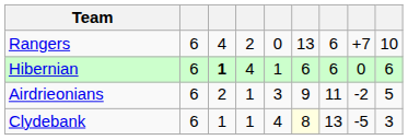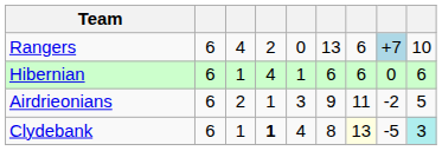 <table class="wikitable" style="text-align:center;">
 <tr>
 <th width=165>Team</th>
 <th width=20></th>
 <th width=20></th>
 <th width=20></th>
 <th width=20></th>
 <th width=20></th>
 <th width=20></th>
 <th width=20></th>
 <th width=20></th>
 </tr>
 <tr>
 <td align="left"><a href='#'>Rangers</a></td>
 <td>6</td>
 <td>4</td>
 <td>2</td>
 <td>0</td>
 <td>13</td>
 <td>6</td>
-<td>+7</td>
+<td style="background: lightblue;">+7</td>
 <td>10</td>
 </tr>
 <tr style="background:#cfc;">
 <td align="left"><a href='#'>Hibernian</a></td>
 <td>6</td>
-<td><strong>1</strong></td>
+<td>1</td>
 <td>4</td>
 <td>1</td>
 <td>6</td>
 <td>6</td>
 <td>0</td>
 <td>6</td>
 </tr>
 <tr>
 <td align="left"><a href='#'>Airdrieonians</a></td>
 <td>6</td>
 <td>2</td>
 <td>1</td>
 <td>3</td>
 <td>9</td>
 <td>11</td>
 <td>-2</td>
 <td>5</td>
 </tr>
 <tr>
 <td align="left"><a href='#'>Clydebank</a></td>
 <td>6</td>
 <td>1</td>
-<td>1</td>
+<td><strong>1</strong></td>
 <td>4</td>
-<td style="background: lightyellow;">8</td>
-<td>13</td>
+<td>8</td>
+<td style="background: lightyellow;">13</td>
 <td>-5</td>
-<td>3</td>
+<td style="background: paleturquoise;">3</td>
 </tr>
 <tr>
 </tr>
 </table>
